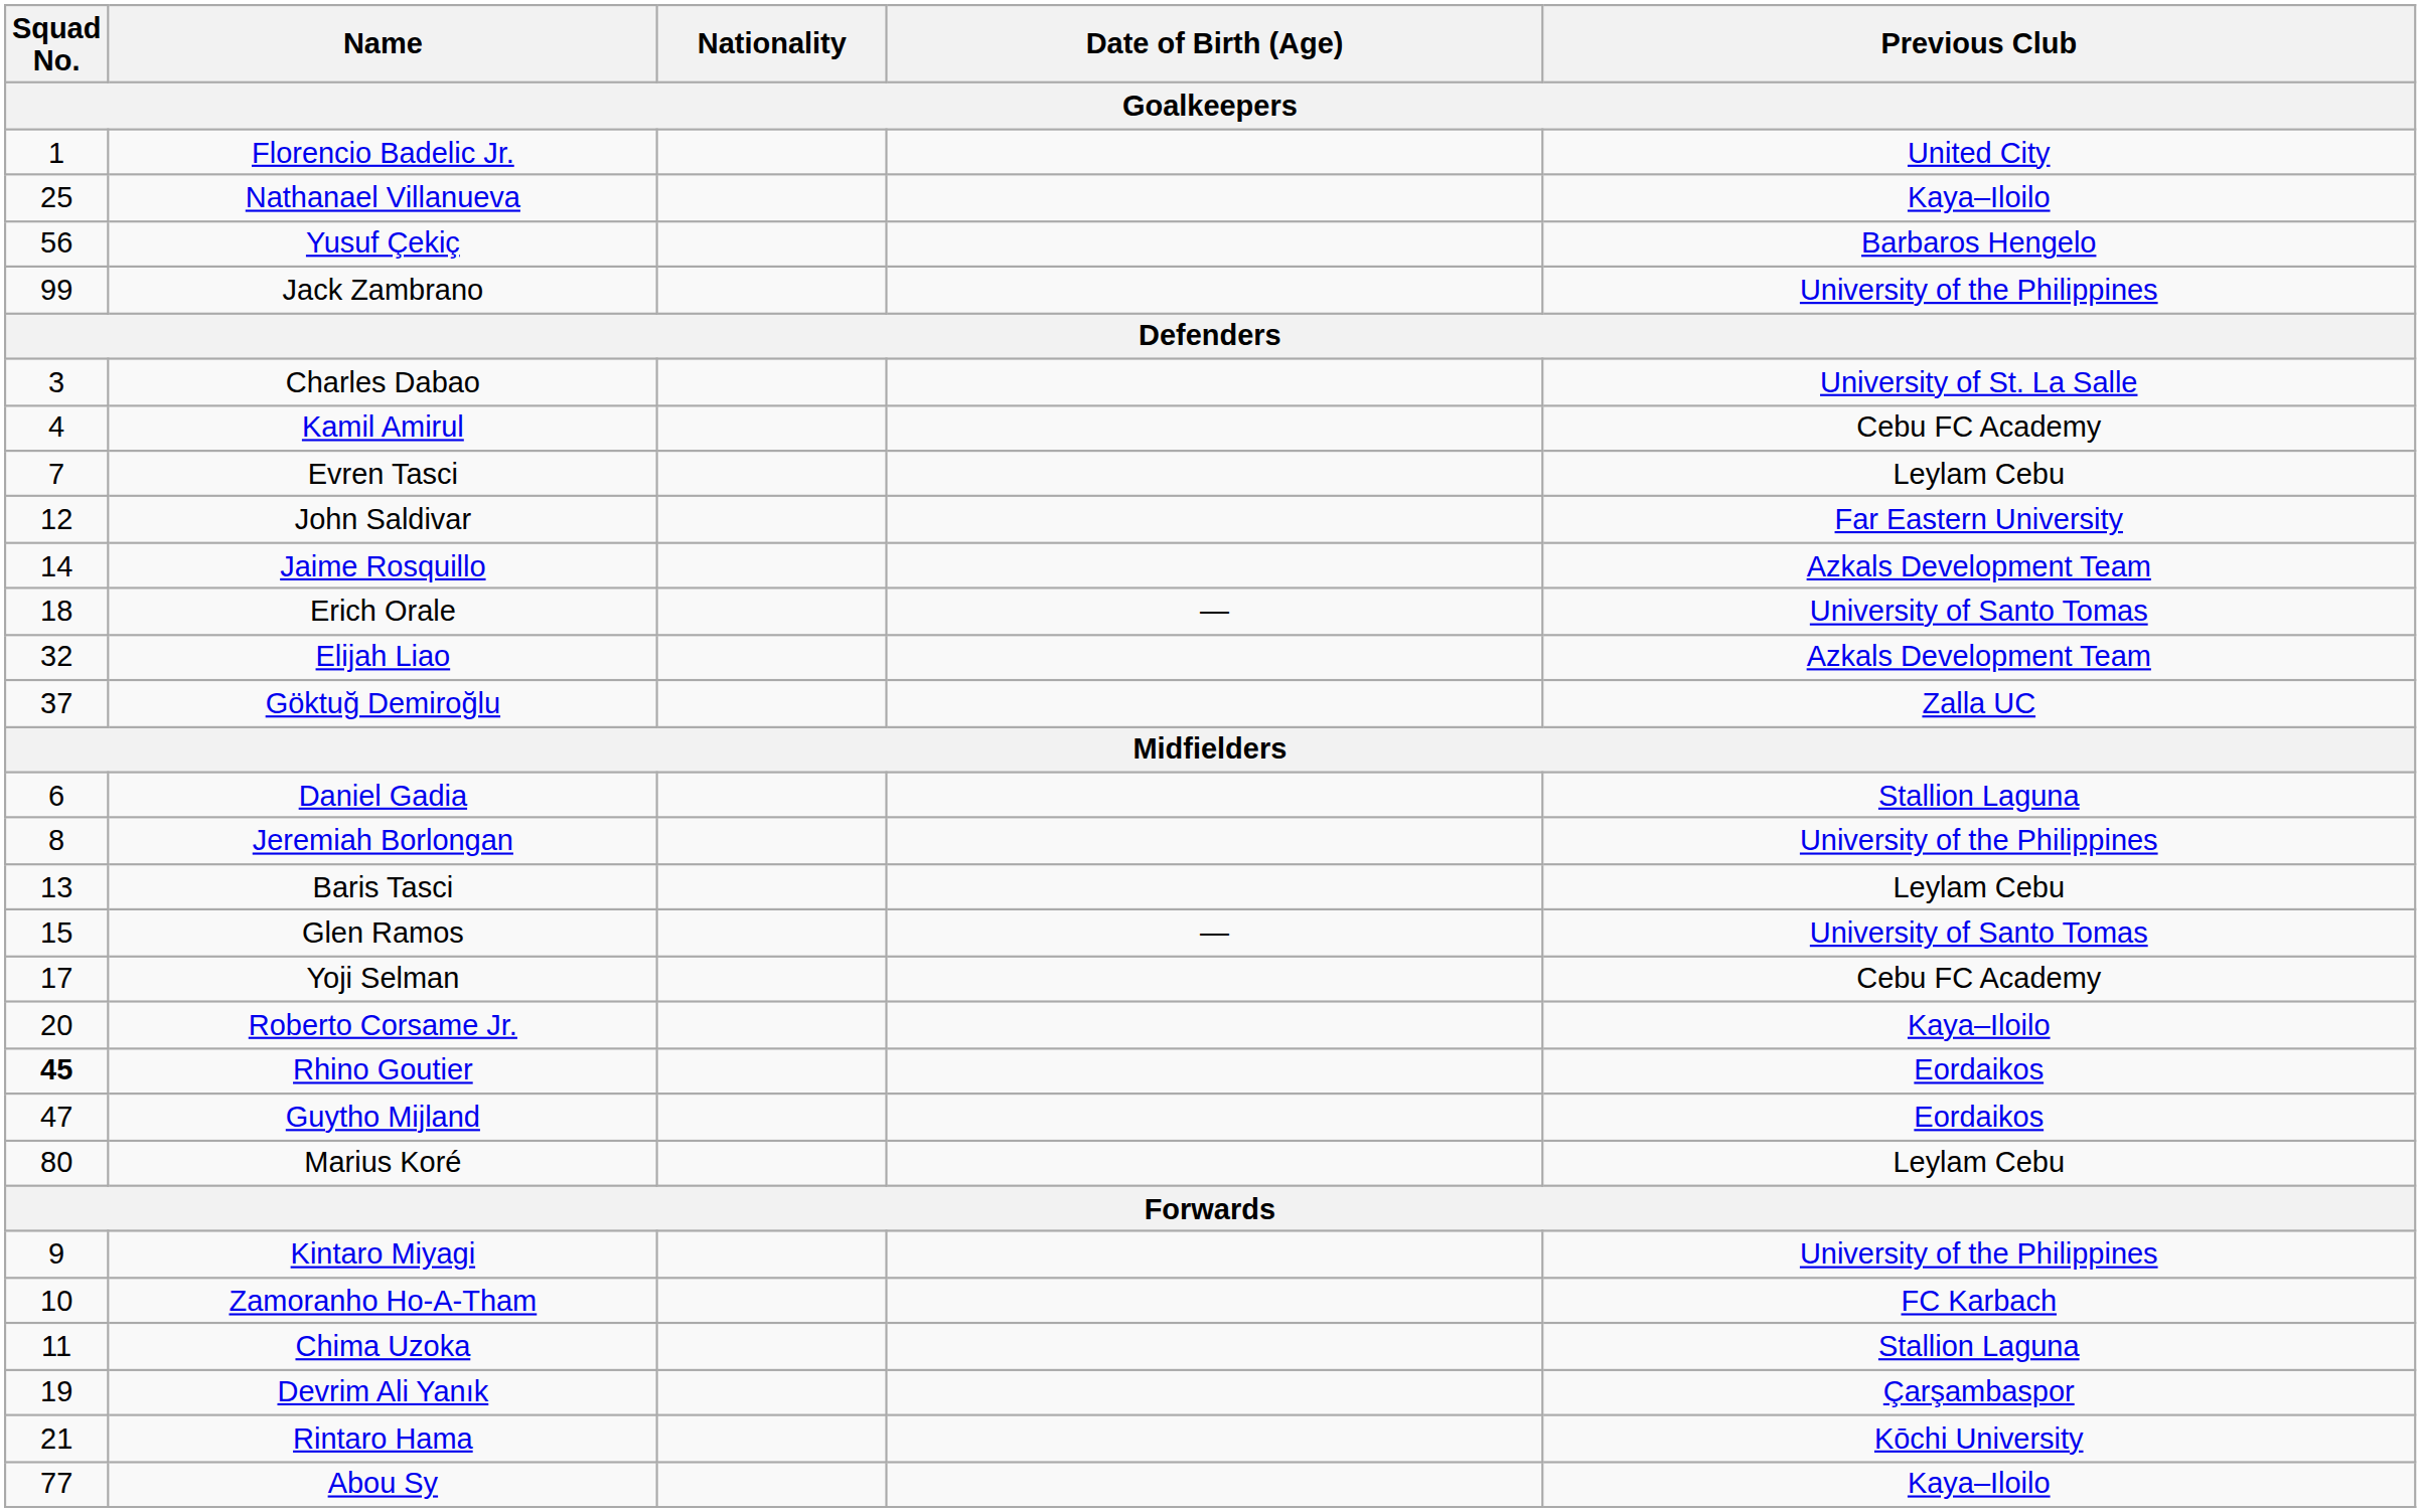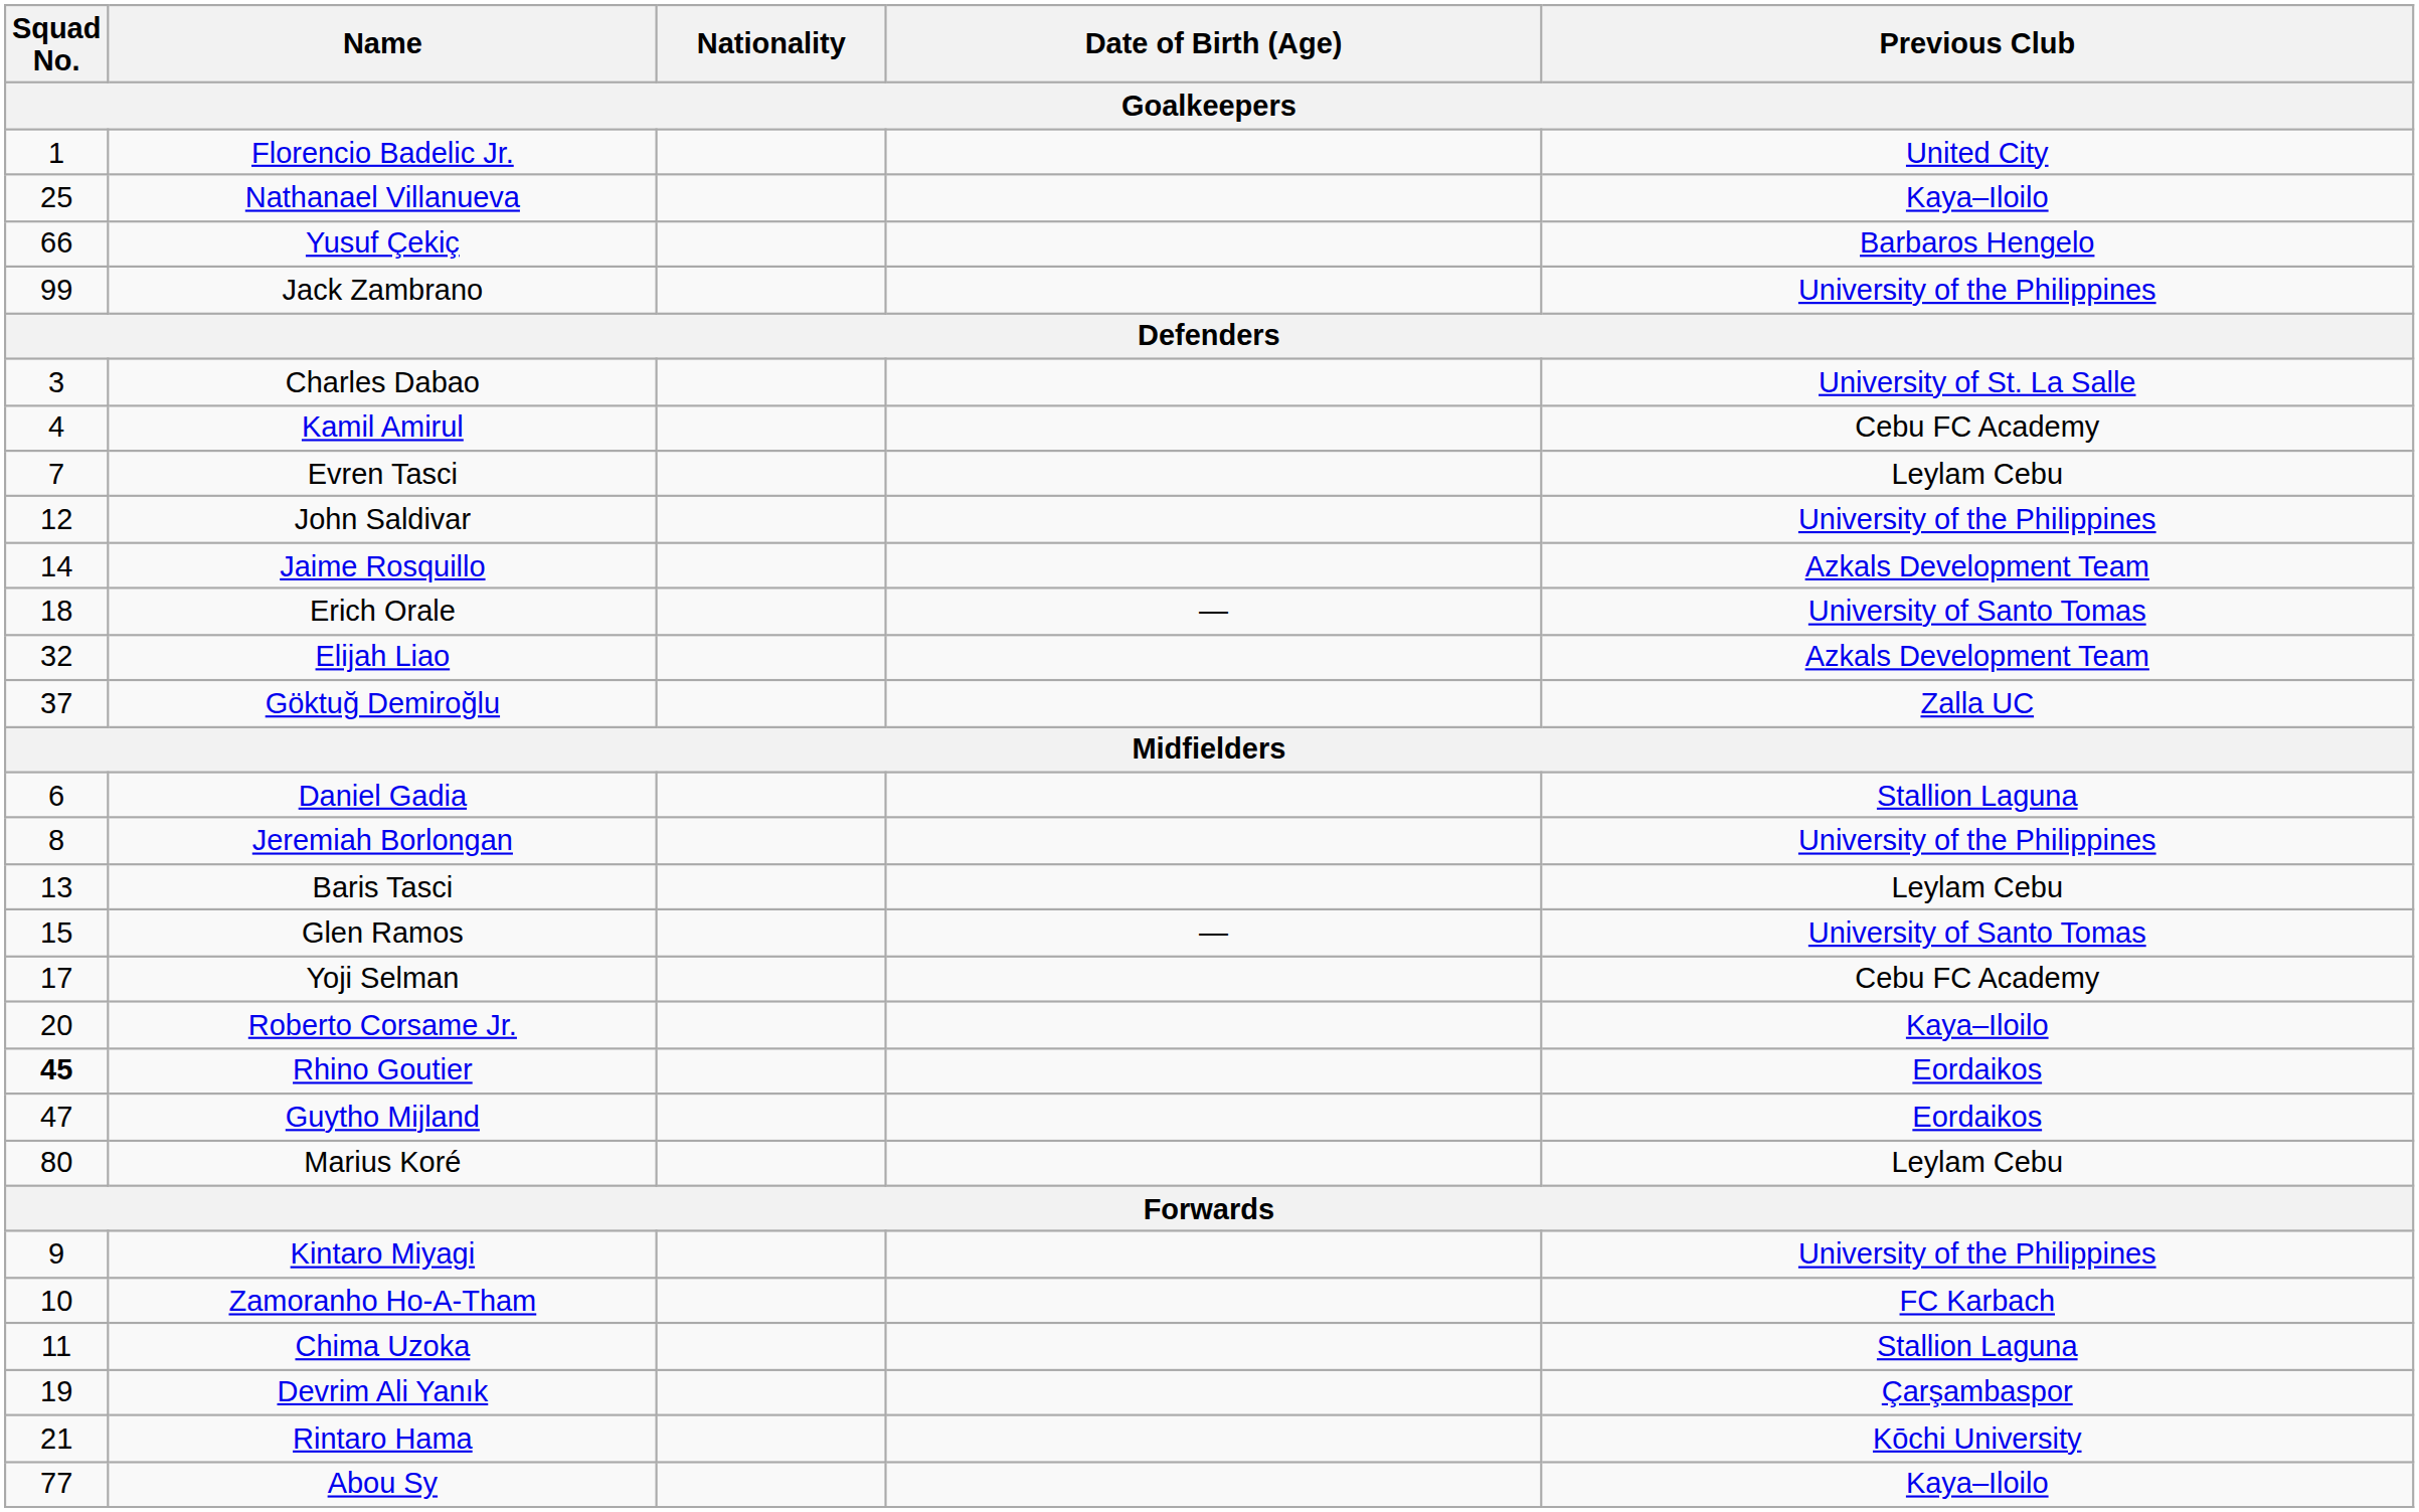 <table class="wikitable" style="text-align:center; font-size:85%;">
 <tr>
 <th style="width:40px;">Squad No.</th>
 <th style="width:250px;">Name</th>
 <th style="width:100px;">Nationality</th>
 <th style="width:300px;">Date of Birth (Age)</th>
 <th style="width:400px;">Previous Club</th>
 </tr>
 <tr>
 <th colspan=5>Goalkeepers</th>
 </tr>
 <tr>
 <td>1</td>
 <td><a href='#'>Florencio Badelic Jr.</a></td>
 <td></td>
 <td></td>
 <td> <a href='#'>United City</a></td>
 </tr>
 <tr>
 <td>25</td>
 <td><a href='#'>Nathanael Villanueva</a></td>
 <td></td>
 <td></td>
 <td> <a href='#'>Kaya–Iloilo</a></td>
 </tr>
 <tr>
-<td>56</td>
+<td>66</td>
 <td><a href='#'>Yusuf Çekiç</a></td>
 <td> </td>
 <td></td>
 <td> <a href='#'>Barbaros Hengelo</a></td>
 </tr>
 <tr>
 <td>99</td>
 <td>Jack Zambrano</td>
 <td></td>
 <td></td>
 <td> <a href='#'>University of the Philippines</a></td>
 </tr>
 <tr>
 <th colspan=5>Defenders</th>
 </tr>
 <tr>
 <td>3</td>
 <td>Charles Dabao</td>
 <td></td>
 <td></td>
 <td> <a href='#'>University of St. La Salle</a></td>
 </tr>
 <tr>
 <td>4</td>
 <td><a href='#'>Kamil Amirul</a></td>
 <td></td>
 <td></td>
 <td> Cebu FC Academy</td>
 </tr>
 <tr>
 <td>7</td>
 <td>Evren Tasci</td>
 <td> </td>
 <td></td>
 <td> Leylam Cebu</td>
 </tr>
 <tr>
 <td>12</td>
 <td>John Saldivar</td>
 <td></td>
 <td></td>
-<td> <a href='#'>Far Eastern University</a></td>
+<td> <a href='#'>University of the Philippines</a></td>
 </tr>
 <tr>
 <td>14</td>
 <td><a href='#'>Jaime Rosquillo</a></td>
 <td></td>
 <td></td>
 <td> <a href='#'>Azkals Development Team</a></td>
 </tr>
 <tr>
 <td>18</td>
 <td>Erich Orale</td>
 <td></td>
 <td>—</td>
 <td> <a href='#'>University of Santo Tomas</a></td>
 </tr>
 <tr>
 <td>32</td>
 <td><a href='#'>Elijah Liao</a></td>
 <td></td>
 <td></td>
 <td> <a href='#'>Azkals Development Team</a></td>
 </tr>
 <tr>
 <td>37</td>
 <td><a href='#'>Göktuğ Demiroğlu</a></td>
 <td></td>
 <td></td>
 <td> <a href='#'>Zalla UC</a></td>
 </tr>
 <tr>
 <th colspan=5>Midfielders</th>
 </tr>
 <tr>
 <td>6</td>
 <td><a href='#'>Daniel Gadia</a></td>
 <td></td>
 <td></td>
 <td> <a href='#'>Stallion Laguna</a></td>
 </tr>
 <tr>
 <td>8</td>
 <td><a href='#'>Jeremiah Borlongan</a></td>
 <td></td>
 <td></td>
 <td> <a href='#'>University of the Philippines</a></td>
 </tr>
 <tr>
 <td>13</td>
 <td>Baris Tasci</td>
 <td> </td>
 <td></td>
 <td> Leylam Cebu</td>
 </tr>
 <tr>
 <td>15</td>
 <td>Glen Ramos</td>
 <td></td>
 <td>—</td>
 <td> <a href='#'>University of Santo Tomas</a></td>
 </tr>
 <tr>
 <td>17</td>
 <td>Yoji Selman</td>
 <td></td>
 <td></td>
 <td> Cebu FC Academy</td>
 </tr>
 <tr>
 <td>20</td>
 <td><a href='#'>Roberto Corsame Jr.</a></td>
 <td></td>
 <td></td>
 <td> <a href='#'>Kaya–Iloilo</a></td>
 </tr>
 <tr>
 <td><strong>45</strong></td>
 <td><a href='#'>Rhino Goutier</a></td>
 <td> </td>
 <td></td>
 <td> <a href='#'>Eordaikos</a></td>
 </tr>
 <tr>
 <td>47</td>
 <td><a href='#'>Guytho Mijland</a></td>
 <td> </td>
 <td></td>
 <td> <a href='#'>Eordaikos</a></td>
 </tr>
 <tr>
 <td>80</td>
 <td>Marius Koré</td>
 <td></td>
 <td></td>
 <td> Leylam Cebu</td>
 </tr>
 <tr>
 <th colspan=5>Forwards</th>
 </tr>
 <tr>
 <td>9</td>
 <td><a href='#'>Kintaro Miyagi</a></td>
 <td></td>
 <td></td>
 <td> <a href='#'>University of the Philippines</a></td>
 </tr>
 <tr>
 <td>10</td>
 <td><a href='#'>Zamoranho Ho-A-Tham</a></td>
 <td> </td>
 <td></td>
 <td> <a href='#'>FC Karbach</a></td>
 </tr>
 <tr>
 <td>11</td>
 <td><a href='#'>Chima Uzoka</a></td>
 <td> </td>
 <td></td>
 <td> <a href='#'>Stallion Laguna</a></td>
 </tr>
 <tr>
 <td>19</td>
 <td><a href='#'>Devrim Ali Yanık</a></td>
 <td></td>
 <td></td>
 <td> <a href='#'>Çarşambaspor</a></td>
 </tr>
 <tr>
 <td>21</td>
 <td><a href='#'>Rintaro Hama</a></td>
 <td></td>
 <td></td>
 <td> <a href='#'>Kōchi University</a></td>
 </tr>
 <tr>
 <td>77</td>
 <td><a href='#'>Abou Sy</a></td>
 <td></td>
 <td></td>
 <td> <a href='#'>Kaya–Iloilo</a></td>
 </tr>
 <tr>
 </tr>
 </table>
